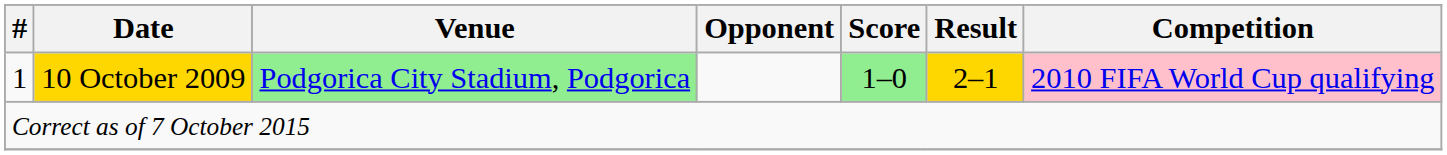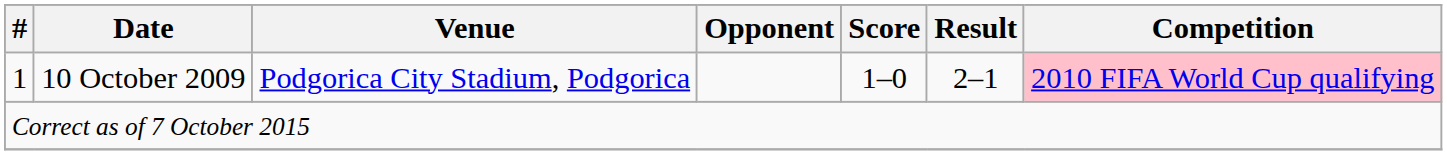 <table class="wikitable">
 <tr>
 <th>#</th>
 <th>Date</th>
 <th>Venue</th>
 <th>Opponent</th>
 <th>Score</th>
 <th>Result</th>
 <th>Competition</th>
 </tr>
 <tr>
 <td>1</td>
-<td style="background: gold;">10 October 2009</td>
-<td style="background: lightgreen;"><a href='#'>Podgorica City Stadium</a>, <a href='#'>Podgorica</a></td>
+<td>10 October 2009</td>
+<td><a href='#'>Podgorica City Stadium</a>, <a href='#'>Podgorica</a></td>
 <td></td>
-<td align=center style="background: lightgreen;">1–0</td>
-<td align=center style="background: gold;">2–1</td>
+<td align=center>1–0</td>
+<td align=center>2–1</td>
 <td style="background: pink;"><a href='#'>2010 FIFA World Cup qualifying</a></td>
 </tr>
 <tr>
 <td colspan="12"><small><em>Correct as of 7 October 2015</em></small></td>
 </tr>
 <tr>
 </tr>
 </table>
